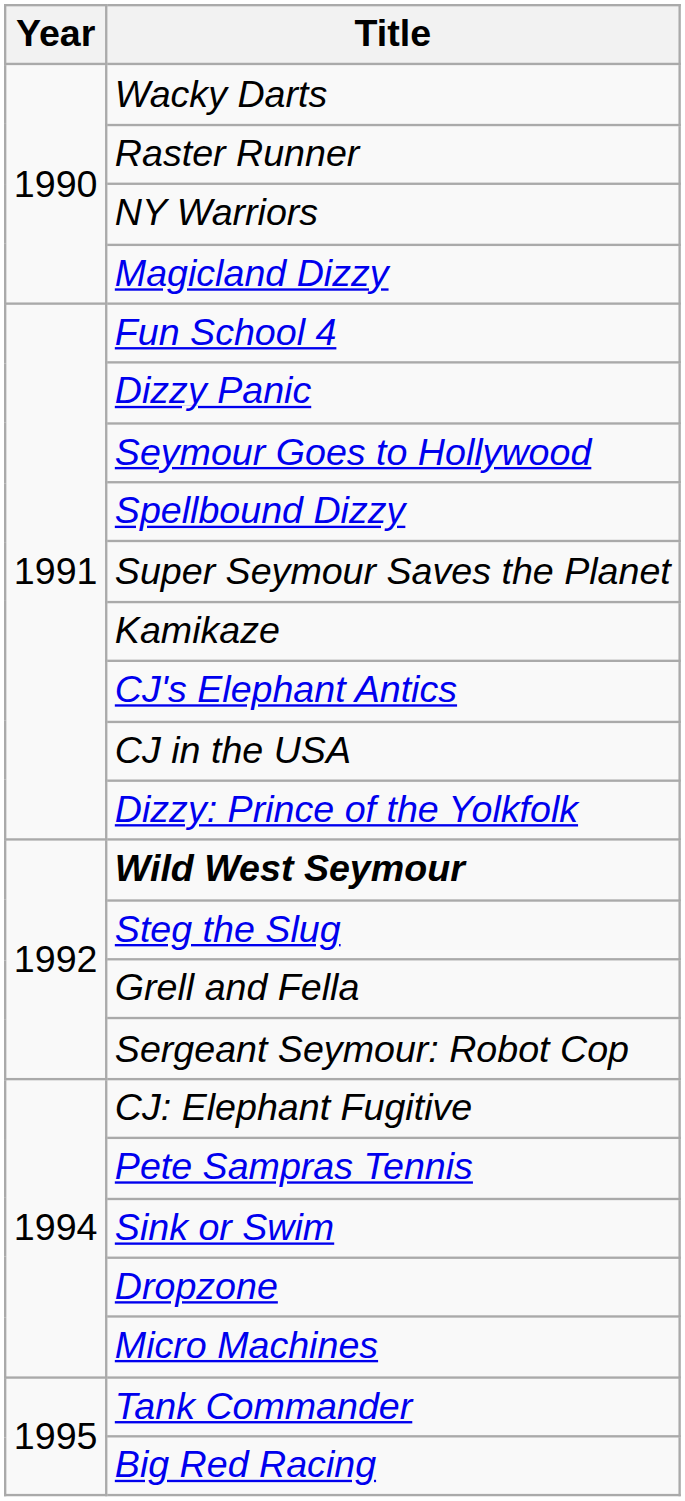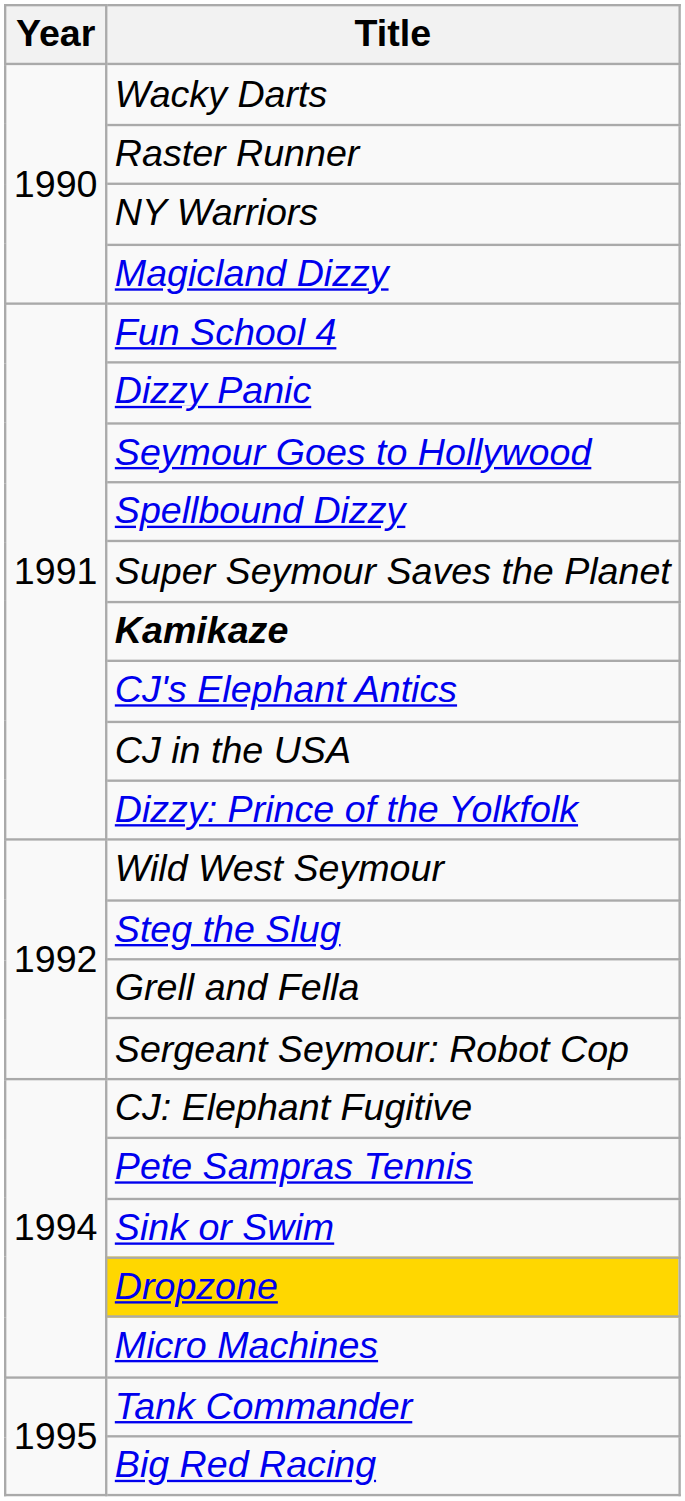 <table class="wikitable sortable">
 <tr>
 <th>Year</th>
 <th>Title</th>
 </tr>
 <tr>
 <td rowspan="4">1990</td>
 <td><em>Wacky Darts</em></td>
 </tr>
 <tr>
 <td><em>Raster Runner</em></td>
 </tr>
 <tr>
 <td><em>NY Warriors</em></td>
 </tr>
 <tr>
 <td><em><a href='#'>Magicland Dizzy</a></em></td>
 </tr>
 <tr>
 <td rowspan="9">1991</td>
 <td><em><a href='#'>Fun School 4</a></em></td>
 </tr>
 <tr>
 <td><em><a href='#'>Dizzy Panic</a></em></td>
 </tr>
 <tr>
 <td><em><a href='#'>Seymour Goes to Hollywood</a></em></td>
 </tr>
 <tr>
 <td><em><a href='#'>Spellbound Dizzy</a></em></td>
 </tr>
 <tr>
 <td><em>Super Seymour Saves the Planet</em></td>
 </tr>
 <tr>
-<td><em>Kamikaze</em></td>
+<td><strong><em>Kamikaze</em></strong></td>
 </tr>
 <tr>
 <td><em><a href='#'>CJ's Elephant Antics</a></em></td>
 </tr>
 <tr>
 <td><em>CJ in the USA</em></td>
 </tr>
 <tr>
 <td><em><a href='#'>Dizzy: Prince of the Yolkfolk</a></em></td>
 </tr>
 <tr>
 <td rowspan="4">1992</td>
-<td><strong><em>Wild West Seymour</em></strong></td>
+<td><em>Wild West Seymour</em></td>
 </tr>
 <tr>
 <td><em><a href='#'>Steg the Slug</a></em></td>
 </tr>
 <tr>
 <td><em>Grell and Fella</em></td>
 </tr>
 <tr>
 <td><em>Sergeant Seymour: Robot Cop</em></td>
 </tr>
 <tr>
 <td rowspan="5">1994</td>
 <td><em>CJ: Elephant Fugitive</em></td>
 </tr>
 <tr>
 <td><em><a href='#'>Pete Sampras Tennis</a></em></td>
 </tr>
 <tr>
 <td><em><a href='#'>Sink or Swim</a></em></td>
 </tr>
 <tr>
-<td><em><a href='#'>Dropzone</a></em></td>
+<td style="background: gold;"><em><a href='#'>Dropzone</a></em></td>
 </tr>
 <tr>
 <td><em><a href='#'>Micro Machines</a></em></td>
 </tr>
 <tr>
 <td rowspan="2">1995</td>
 <td><em><a href='#'>Tank Commander</a></em></td>
 </tr>
 <tr>
 <td><em><a href='#'>Big Red Racing</a></em></td>
 </tr>
 </table>
